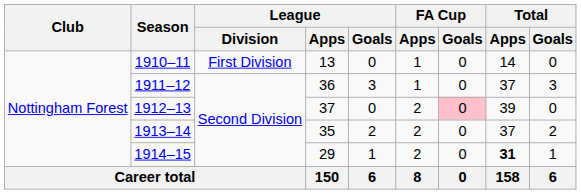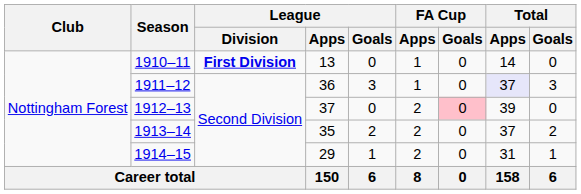 <table class="wikitable" style="text-align: center;">
 <tr>
 <th rowspan="2">Club</th>
 <th rowspan="2">Season</th>
 <th colspan="3">League</th>
 <th colspan="2">FA Cup</th>
 <th colspan="2">Total</th>
 </tr>
 <tr>
 <th>Division</th>
 <th>Apps</th>
 <th>Goals</th>
 <th>Apps</th>
 <th>Goals</th>
 <th>Apps</th>
 <th>Goals</th>
 </tr>
 <tr>
 <td rowspan="5"><a href='#'>Nottingham Forest</a></td>
 <td><a href='#'>1910–11</a></td>
-<td><a href='#'>First Division</a></td>
+<td><strong><a href='#'>First Division</a></strong></td>
 <td>13</td>
 <td>0</td>
 <td>1</td>
 <td>0</td>
 <td>14</td>
 <td>0</td>
 </tr>
 <tr>
 <td><a href='#'>1911–12</a></td>
 <td rowspan="4"><a href='#'>Second Division</a></td>
 <td>36</td>
 <td>3</td>
 <td>1</td>
 <td>0</td>
-<td>37</td>
+<td style="background: lavender;">37</td>
 <td>3</td>
 </tr>
 <tr>
 <td><a href='#'>1912–13</a></td>
 <td>37</td>
 <td>0</td>
 <td>2</td>
 <td style="background: pink;">0</td>
 <td>39</td>
 <td>0</td>
 </tr>
 <tr>
 <td><a href='#'>1913–14</a></td>
 <td>35</td>
 <td>2</td>
 <td>2</td>
 <td>0</td>
 <td>37</td>
 <td>2</td>
 </tr>
 <tr>
 <td><a href='#'>1914–15</a></td>
 <td>29</td>
 <td>1</td>
 <td>2</td>
 <td>0</td>
-<td><strong>31</strong></td>
+<td>31</td>
 <td>1</td>
 </tr>
 <tr>
 <th colspan="3">Career total</th>
 <th>150</th>
 <th>6</th>
 <th>8</th>
 <th>0</th>
 <th>158</th>
 <th>6</th>
 </tr>
 </table>
